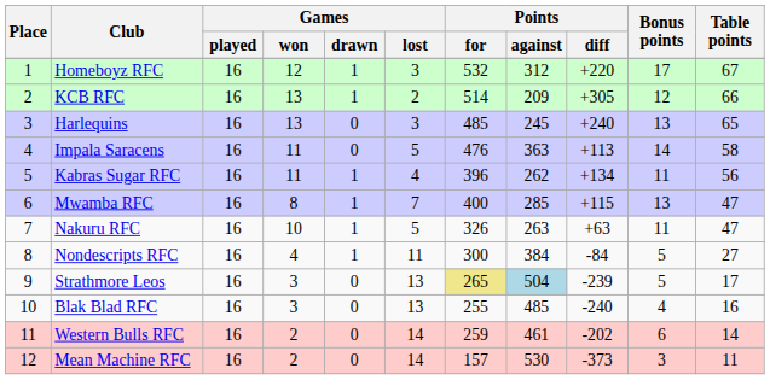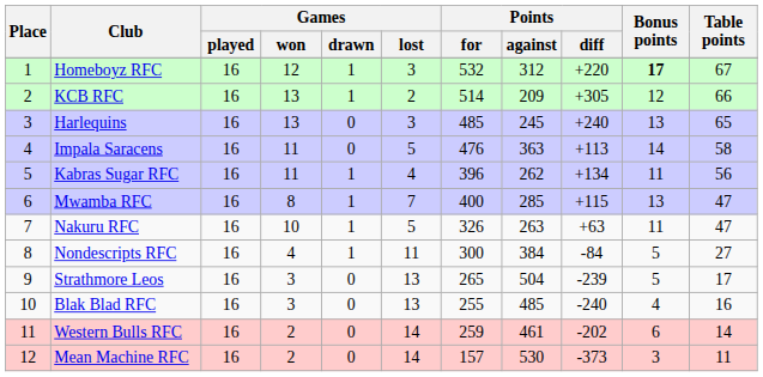 <table class="wikitable" style="text-align:center;">
 <tr>
 <th rowspan=2 width= "6%">Place</th>
 <th rowspan=2 width="20%">Club</th>
 <th colspan=4>Games</th>
 <th colspan=3>Points</th>
 <th rowspan=2 width="9%">Bonus<br>points</th>
 <th rowspan=2 width="9%">Table<br>points</th>
 </tr>
 <tr>
 <th width="8%">played</th>
 <th width="8%">won</th>
 <th width="8%">drawn</th>
 <th width="8%">lost</th>
 <th width="8%">for</th>
 <th width="8%">against</th>
 <th width="8%">diff</th>
 </tr>
 <tr>
 </tr>
 <tr style="background:#ccffcc;">
 <td>1</td>
 <td style="text-align:left;"><a href='#'>Homeboyz RFC</a></td>
 <td>16</td>
 <td>12</td>
 <td>1</td>
 <td>3</td>
 <td>532</td>
 <td>312</td>
 <td>+220</td>
-<td>17</td>
+<td><strong>17</strong></td>
 <td>67</td>
 </tr>
 <tr style="background:#ccffcc;">
 <td>2</td>
 <td style="text-align:left;"><a href='#'>KCB RFC</a></td>
 <td>16</td>
 <td>13</td>
 <td>1</td>
 <td>2</td>
 <td>514</td>
 <td>209</td>
 <td>+305</td>
 <td>12</td>
 <td>66</td>
 </tr>
 <tr style="background:#ccccff;">
 <td>3</td>
 <td style="text-align:left;"><a href='#'>Harlequins</a></td>
 <td>16</td>
 <td>13</td>
 <td>0</td>
 <td>3</td>
 <td>485</td>
 <td>245</td>
 <td>+240</td>
 <td>13</td>
 <td>65</td>
 </tr>
 <tr style="background:#ccccff;">
 <td>4</td>
 <td style="text-align:left;"><a href='#'>Impala Saracens</a></td>
 <td>16</td>
 <td>11</td>
 <td>0</td>
 <td>5</td>
 <td>476</td>
 <td>363</td>
 <td>+113</td>
 <td>14</td>
 <td>58</td>
 </tr>
 <tr style="background:#ccccff;">
 <td>5</td>
 <td style="text-align:left;"><a href='#'>Kabras Sugar RFC</a></td>
 <td>16</td>
 <td>11</td>
 <td>1</td>
 <td>4</td>
 <td>396</td>
 <td>262</td>
 <td>+134</td>
 <td>11</td>
 <td>56</td>
 </tr>
 <tr style="background:#ccccff;">
 <td>6</td>
 <td style="text-align:left;"><a href='#'>Mwamba RFC</a></td>
 <td>16</td>
 <td>8</td>
 <td>1</td>
 <td>7</td>
 <td>400</td>
 <td>285</td>
 <td>+115</td>
 <td>13</td>
 <td>47</td>
 </tr>
 <tr>
 <td>7</td>
 <td style="text-align:left;"><a href='#'>Nakuru RFC</a></td>
 <td>16</td>
 <td>10</td>
 <td>1</td>
 <td>5</td>
 <td>326</td>
 <td>263</td>
 <td>+63</td>
 <td>11</td>
 <td>47</td>
 </tr>
 <tr>
 <td>8</td>
 <td style="text-align:left;"><a href='#'>Nondescripts RFC</a></td>
 <td>16</td>
 <td>4</td>
 <td>1</td>
 <td>11</td>
 <td>300</td>
 <td>384</td>
 <td>-84</td>
 <td>5</td>
 <td>27</td>
 </tr>
 <tr>
 <td>9</td>
 <td style="text-align:left;"><a href='#'>Strathmore Leos</a></td>
 <td>16</td>
 <td>3</td>
 <td>0</td>
 <td>13</td>
-<td style="background: khaki;">265</td>
-<td style="background: lightblue;">504</td>
+<td>265</td>
+<td>504</td>
 <td>-239</td>
 <td>5</td>
 <td>17</td>
 </tr>
 <tr>
 <td>10</td>
 <td style="text-align:left;"><a href='#'>Blak Blad RFC</a></td>
 <td>16</td>
 <td>3</td>
 <td>0</td>
 <td>13</td>
 <td>255</td>
 <td>485</td>
 <td>-240</td>
 <td>4</td>
 <td>16</td>
 </tr>
 <tr style="background:#ffcccc;">
 <td>11</td>
 <td style="text-align:left;"><a href='#'>Western Bulls RFC</a></td>
 <td>16</td>
 <td>2</td>
 <td>0</td>
 <td>14</td>
 <td>259</td>
 <td>461</td>
 <td>-202</td>
 <td>6</td>
 <td>14</td>
 </tr>
 <tr style="background:#ffcccc;">
 <td>12</td>
 <td style="text-align:left;"><a href='#'>Mean Machine RFC</a></td>
 <td>16</td>
 <td>2</td>
 <td>0</td>
 <td>14</td>
 <td>157</td>
 <td>530</td>
 <td>-373</td>
 <td>3</td>
 <td>11</td>
 </tr>
 </table>
